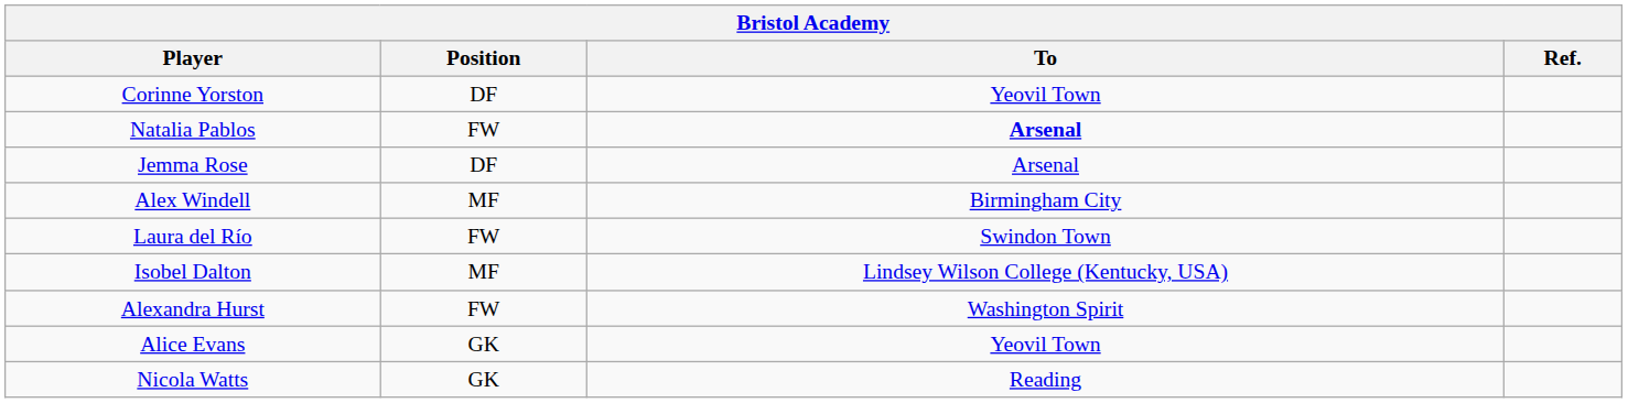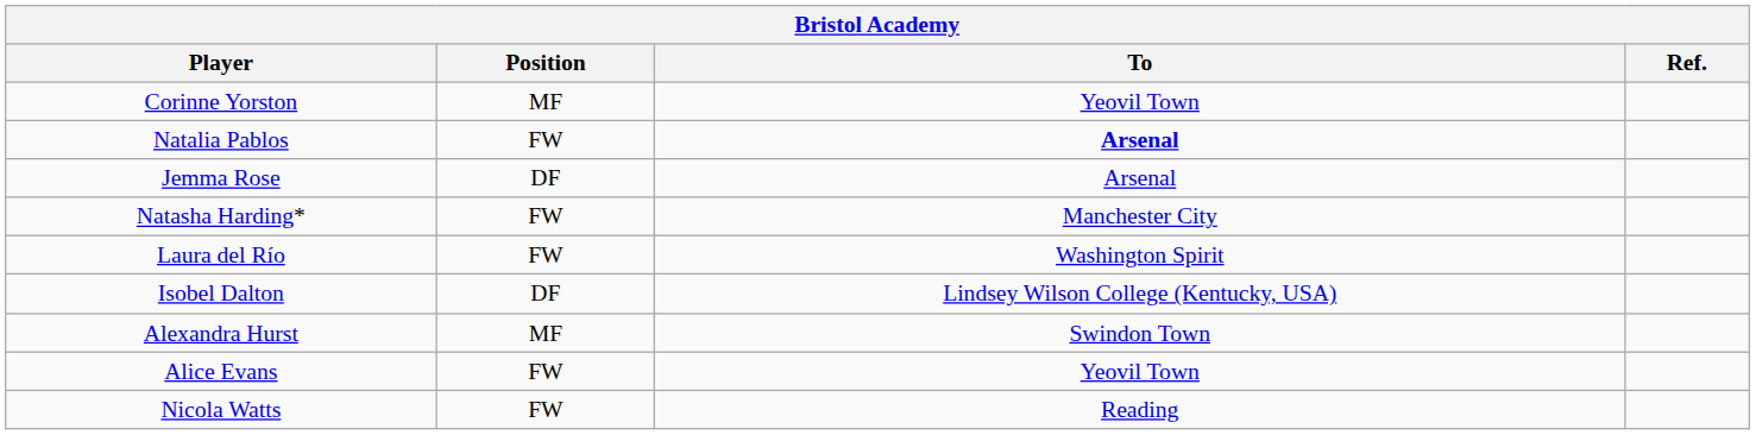 <table class="wikitable sortable collapsible collapsed" style="font-size:95%; text-align: center; width: 90%;">
 <tr>
 <th colspan="4"  style="with:100%; text-align:center;"><strong><a href='#'>Bristol Academy</a></strong></th>
 </tr>
 <tr>
 <th>Player</th>
 <th>Position</th>
 <th>To</th>
 <th>Ref.</th>
 </tr>
 <tr>
 <td> <a href='#'>Corinne Yorston</a></td>
-<td>DF</td>
+<td>MF</td>
 <td><a href='#'>Yeovil Town</a></td>
 <td></td>
 </tr>
 <tr>
 <td> <a href='#'>Natalia Pablos</a></td>
 <td>FW</td>
 <td><strong><a href='#'>Arsenal</a></strong></td>
 <td></td>
 </tr>
 <tr>
 <td> <a href='#'>Jemma Rose</a></td>
 <td>DF</td>
 <td><a href='#'>Arsenal</a></td>
 <td></td>
 </tr>
 <tr>
-<td> <a href='#'>Alex Windell</a></td>
-<td>MF</td>
-<td><a href='#'>Birmingham City</a></td>
+<td> <a href='#'>Natasha Harding</a>*</td>
+<td>FW</td>
+<td><a href='#'>Manchester City</a></td>
 <td></td>
 </tr>
 <tr>
 <td> <a href='#'>Laura del Río</a></td>
 <td>FW</td>
-<td><a href='#'>Swindon Town</a></td>
+<td><a href='#'>Washington Spirit</a></td>
 <td></td>
 </tr>
 <tr>
 <td> <a href='#'>Isobel Dalton</a></td>
-<td>MF</td>
+<td>DF</td>
 <td><a href='#'>Lindsey Wilson College (Kentucky, USA)</a></td>
 <td></td>
 </tr>
 <tr>
 <td> <a href='#'>Alexandra Hurst</a></td>
-<td>FW</td>
-<td><a href='#'>Washington Spirit</a></td>
+<td>MF</td>
+<td><a href='#'>Swindon Town</a></td>
 <td></td>
 </tr>
 <tr>
 <td> <a href='#'>Alice Evans</a></td>
-<td>GK</td>
+<td>FW</td>
 <td><a href='#'>Yeovil Town</a></td>
 <td></td>
 </tr>
 <tr>
 <td> <a href='#'>Nicola Watts</a></td>
-<td>GK</td>
+<td>FW</td>
 <td><a href='#'>Reading</a></td>
 <td></td>
 </tr>
 </table>
